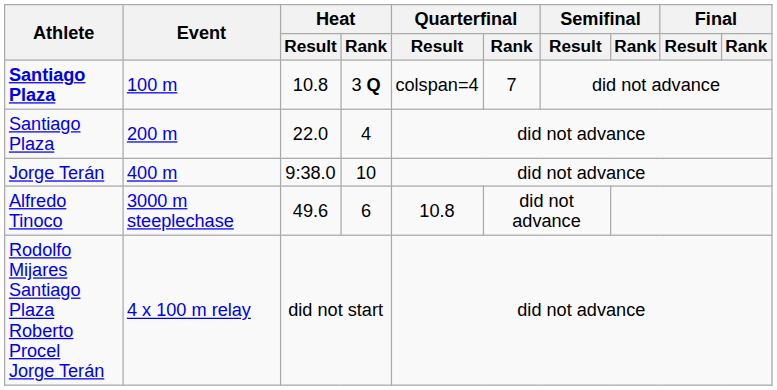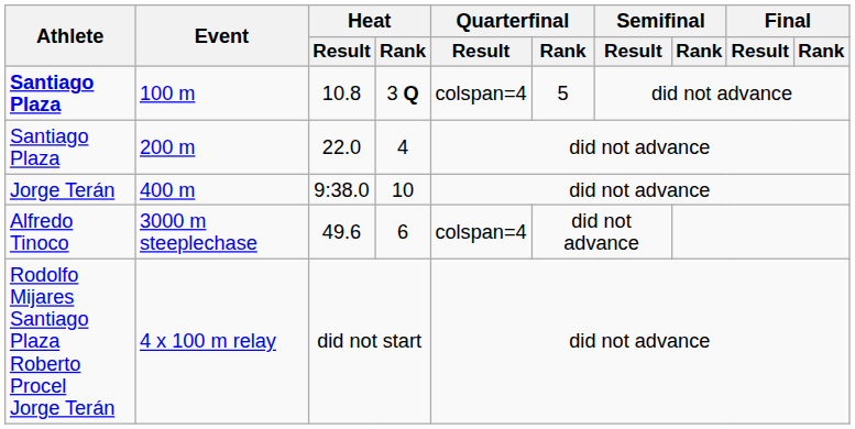 <table class="wikitable" style="font-size:90%">
 <tr>
 <th rowspan="2">Athlete</th>
 <th rowspan="2">Event</th>
 <th colspan="2">Heat</th>
 <th colspan="2">Quarterfinal</th>
 <th colspan="2">Semifinal</th>
 <th colspan="2">Final</th>
 </tr>
 <tr style="font-size:95%">
 <th>Result</th>
 <th>Rank</th>
 <th>Result</th>
 <th>Rank</th>
 <th>Result</th>
 <th>Rank</th>
 <th>Result</th>
 <th>Rank</th>
 </tr>
 <tr align=center>
 <td align="left"><strong><a href='#'>Santiago Plaza</a></strong></td>
 <td align="left"><a href='#'>100 m</a></td>
 <td>10.8</td>
 <td>3 <strong>Q</strong></td>
 <td>colspan=4 </td>
-<td>7</td>
+<td>5</td>
 <td colspan=4>did not advance</td>
 </tr>
 <tr align=center>
 <td align="left"><a href='#'>Santiago Plaza</a></td>
 <td align="left"><a href='#'>200 m</a></td>
 <td>22.0</td>
 <td>4</td>
 <td colspan=6>did not advance</td>
 </tr>
 <tr align=center>
 <td align="left"><a href='#'>Jorge Terán</a></td>
 <td align="left"><a href='#'>400 m</a></td>
 <td>9:38.0</td>
 <td>10</td>
 <td colspan=6>did not advance</td>
 </tr>
 <tr align=center>
 <td align="left"><a href='#'>Alfredo Tinoco</a></td>
 <td align="left"><a href='#'>3000 m steeplechase</a></td>
 <td>49.6</td>
 <td>6</td>
-<td>10.8</td>
+<td>colspan=4 </td>
 <td colspan=2>did not advance</td>
 </tr>
 <tr align=center>
 <td align="left"><a href='#'>Rodolfo Mijares</a><br><a href='#'>Santiago Plaza</a><br><a href='#'>Roberto Procel</a><br><a href='#'>Jorge Terán</a></td>
 <td align="left"><a href='#'>4 x 100 m relay</a></td>
 <td colspan=2>did not start</td>
 <td colspan=6>did not advance</td>
 </tr>
 </table>
